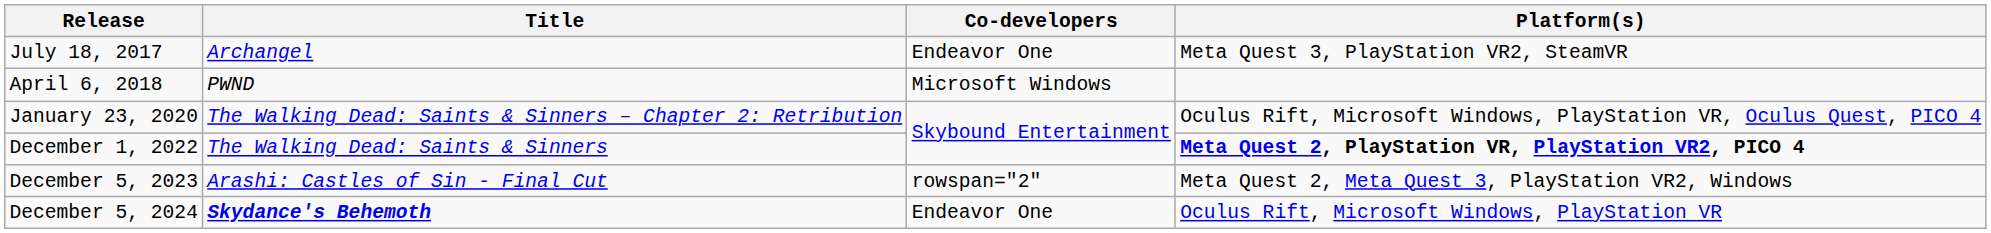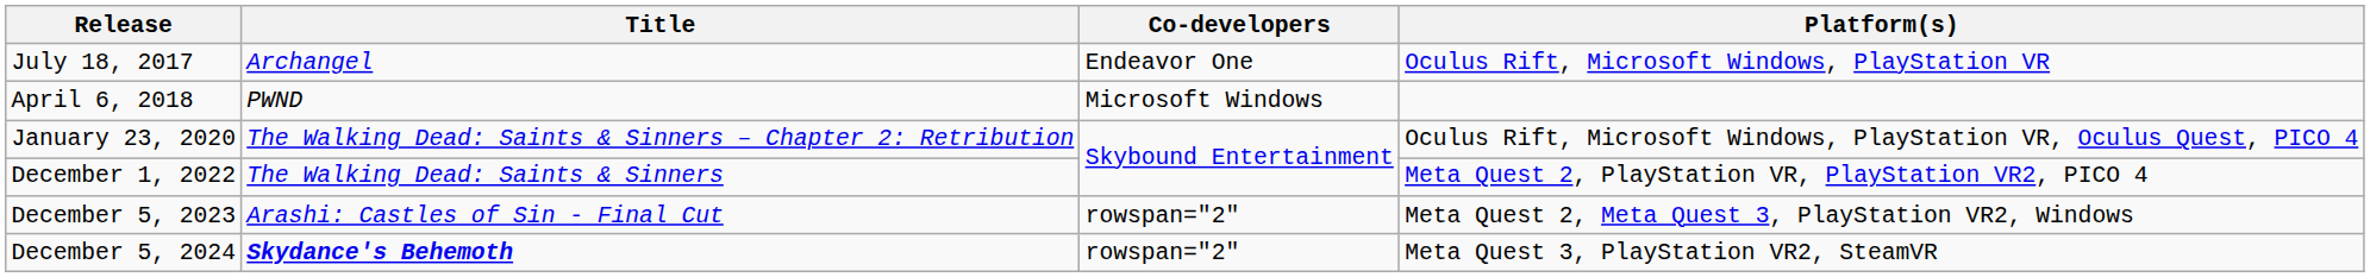 <table class="wikitable">
 <tr>
 <th>Release</th>
 <th>Title</th>
 <th>Co-developers</th>
 <th>Platform(s)</th>
 </tr>
 <tr>
 <td>July 18, 2017</td>
 <td><em><a href='#'>Archangel</a></em></td>
 <td>Endeavor One</td>
-<td>Meta Quest 3, PlayStation VR2, SteamVR</td>
+<td><a href='#'>Oculus Rift</a>, <a href='#'>Microsoft Windows</a>, <a href='#'>PlayStation VR</a></td>
 </tr>
 <tr>
 <td>April 6, 2018</td>
 <td><em>PWND</em></td>
 <td>Microsoft Windows</td>
 </tr>
 <tr>
 <td>January 23, 2020</td>
 <td><em><a href='#'>The Walking Dead: Saints & Sinners – Chapter 2: Retribution</a></em></td>
 <td rowspan="2"><a href='#'>Skybound Entertainment</a></td>
 <td>Oculus Rift, Microsoft Windows, PlayStation VR, <a href='#'>Oculus Quest</a>, <a href='#'>PICO 4</a></td>
 </tr>
 <tr>
 <td>December 1, 2022</td>
 <td><em><a href='#'>The Walking Dead: Saints & Sinners</a></em></td>
-<td><strong><a href='#'>Meta Quest 2</a>, PlayStation VR, <a href='#'>PlayStation VR2</a>, PICO 4</strong></td>
+<td><a href='#'>Meta Quest 2</a>, PlayStation VR, <a href='#'>PlayStation VR2</a>, PICO 4</td>
 </tr>
 <tr>
 <td>December 5, 2023</td>
 <td><em><a href='#'>Arashi: Castles of Sin - Final Cut</a></em></td>
 <td>rowspan="2" </td>
 <td>Meta Quest 2, <a href='#'>Meta Quest 3</a>, PlayStation VR2, Windows</td>
 </tr>
 <tr>
 <td>December 5, 2024</td>
 <td><strong><em><a href='#'>Skydance's Behemoth</a></em></strong></td>
-<td>Endeavor One</td>
-<td><a href='#'>Oculus Rift</a>, <a href='#'>Microsoft Windows</a>, <a href='#'>PlayStation VR</a></td>
+<td>rowspan="2" </td>
+<td>Meta Quest 3, PlayStation VR2, SteamVR</td>
 </tr>
 </table>
